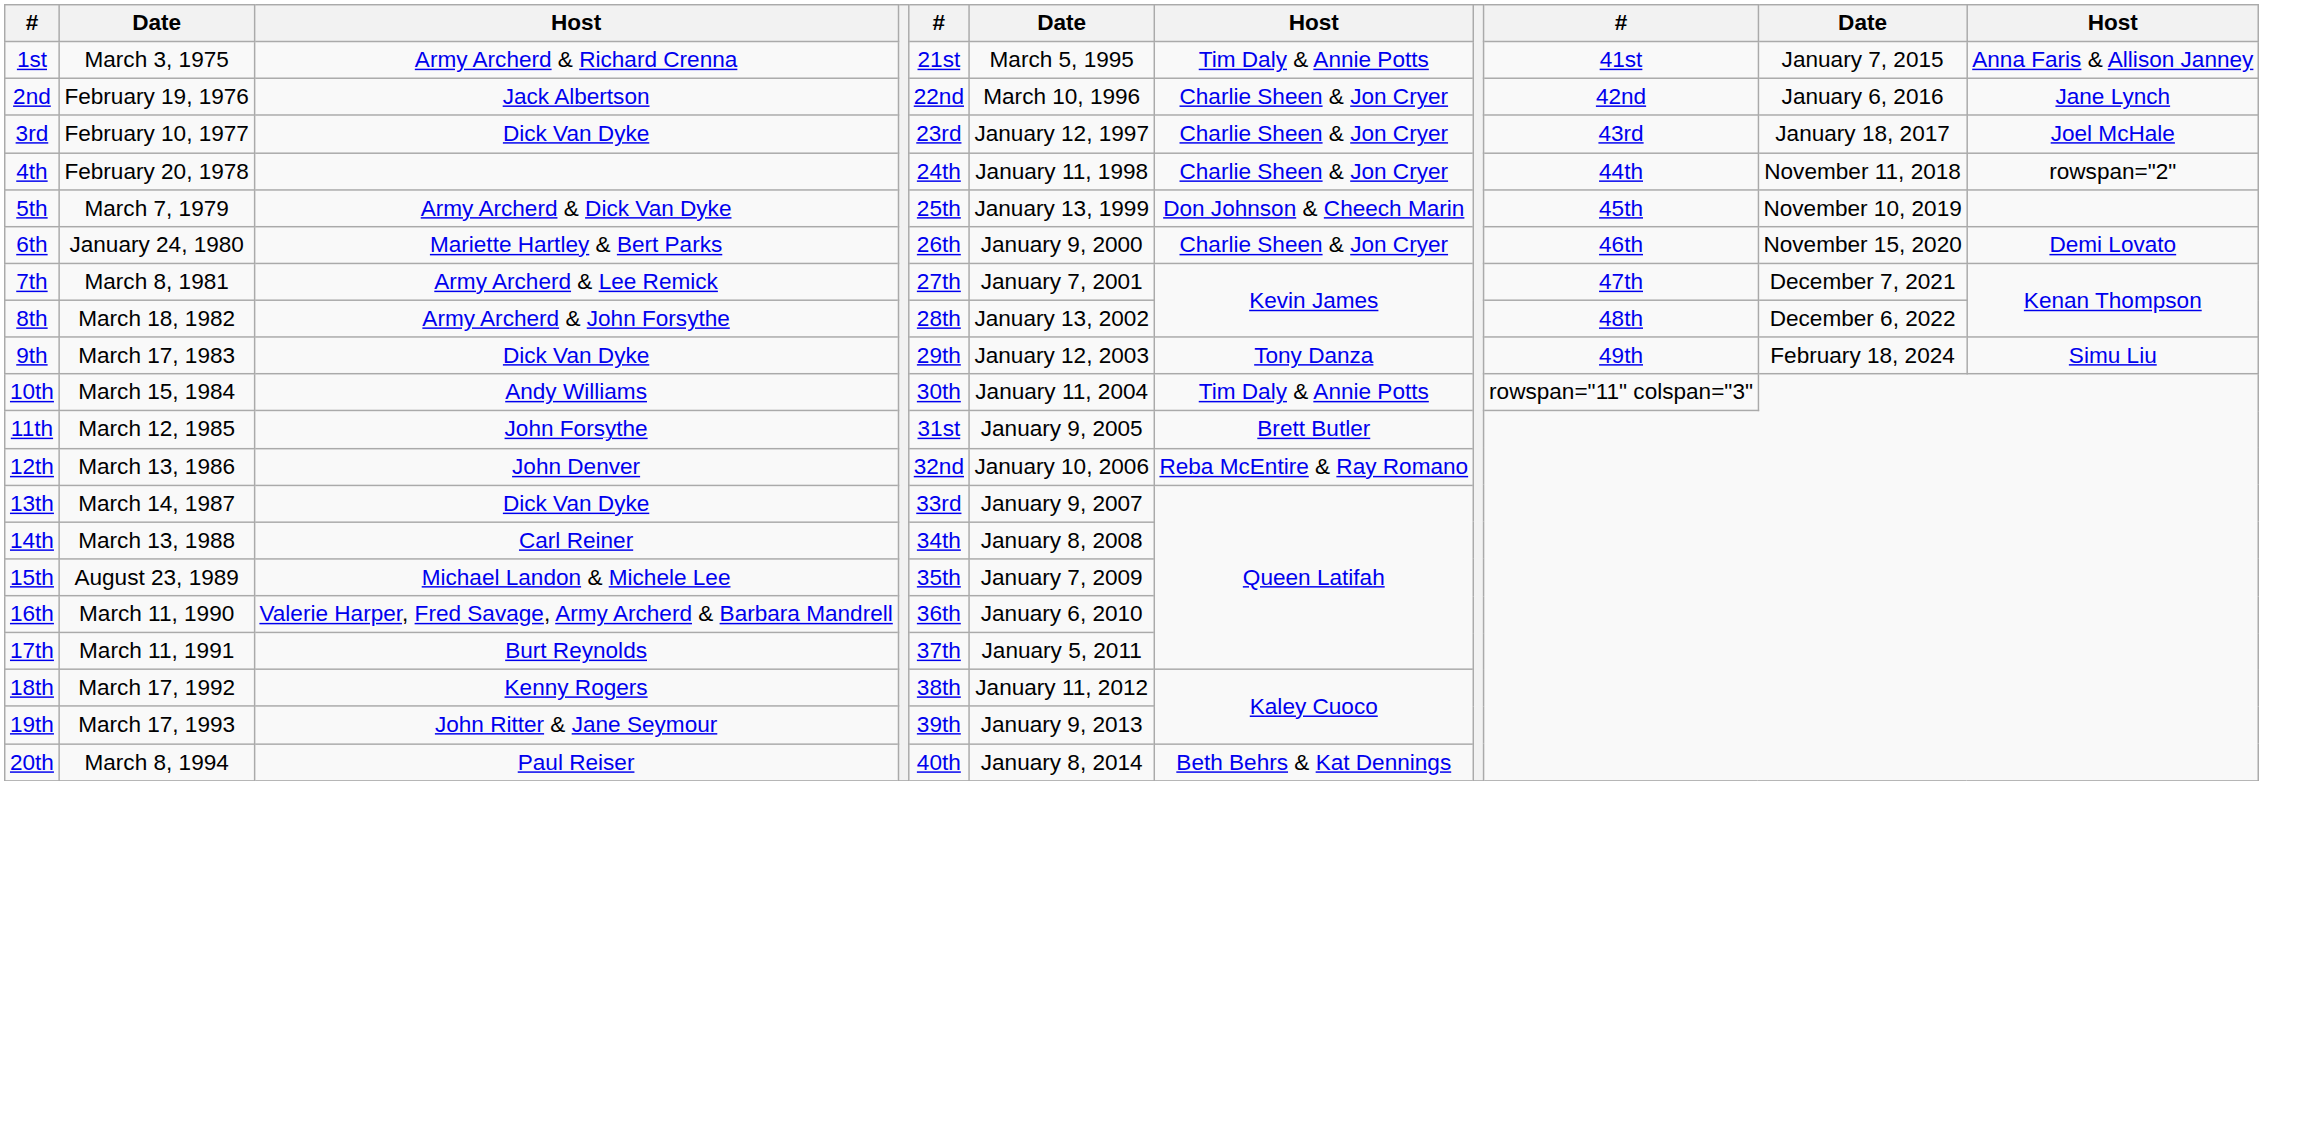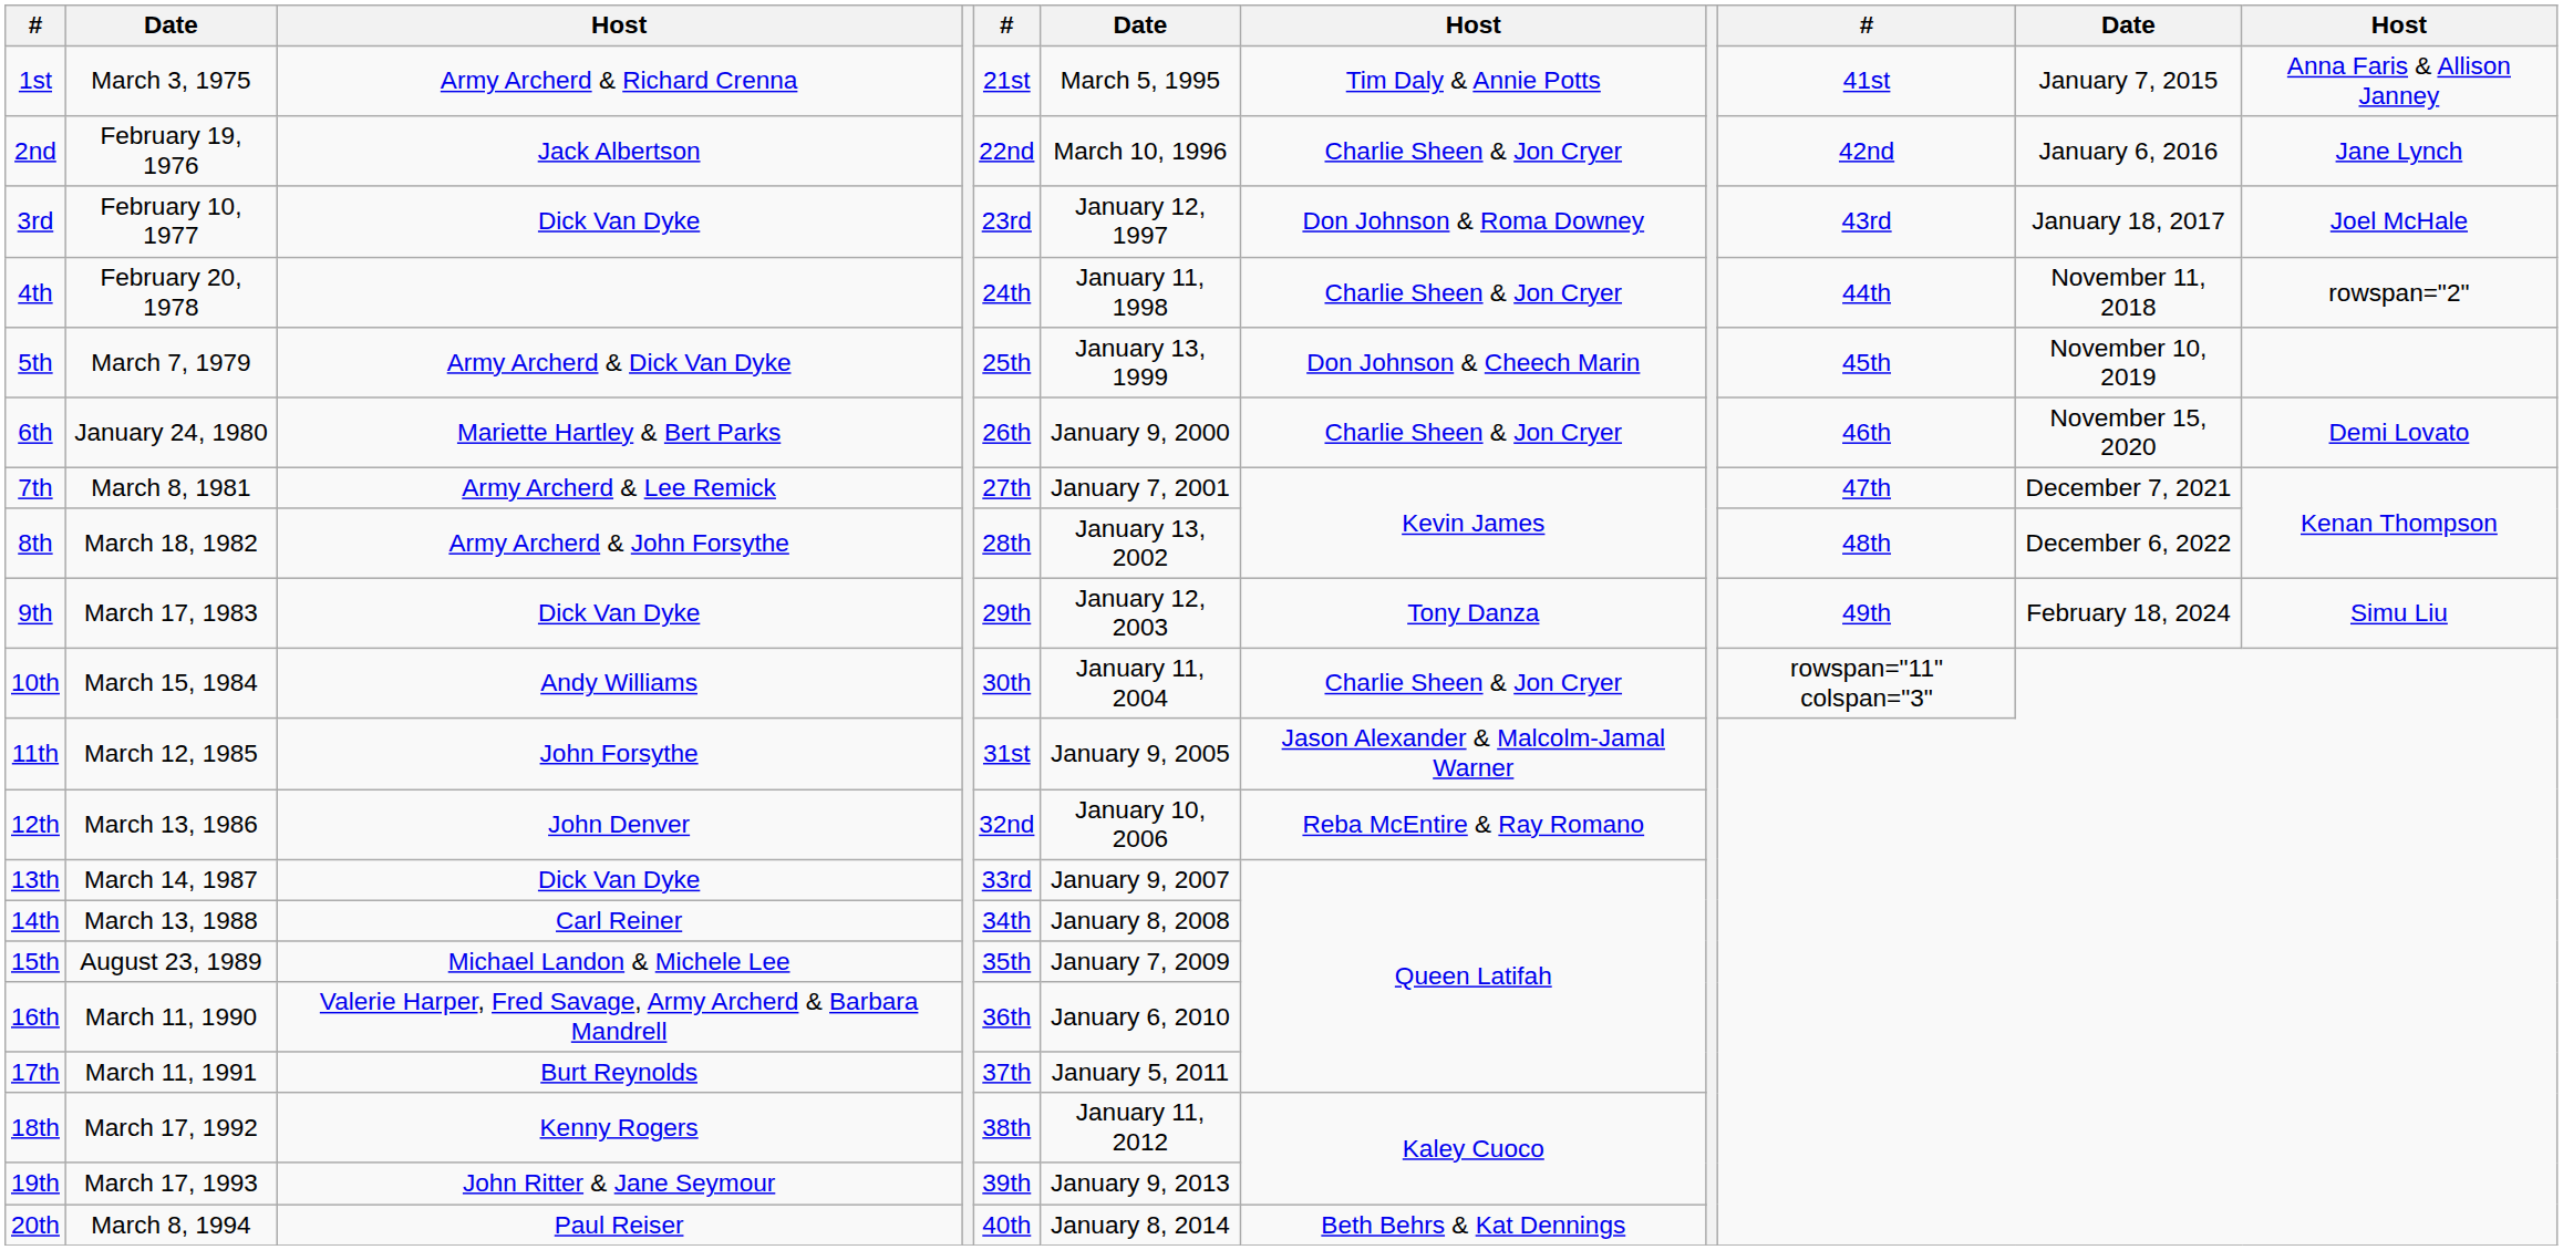 <table class="wikitable" style="text-align:center;font-size:96%">
 <tr>
 <th>#</th>
 <th>Date</th>
 <th>Host</th>
 <th bgcolor="darkgray" rowspan="21"></th>
 <th>#</th>
 <th>Date</th>
 <th>Host</th>
 <th bgcolor="darkgray" rowspan="21"></th>
 <th>#</th>
 <th>Date</th>
 <th>Host</th>
 </tr>
 <tr>
 <td><a href='#'>1st</a></td>
 <td>March 3, 1975</td>
 <td><a href='#'>Army Archerd</a> & <a href='#'>Richard Crenna</a></td>
 <td><a href='#'>21st</a></td>
 <td>March 5, 1995</td>
 <td><a href='#'>Tim Daly</a> & <a href='#'>Annie Potts</a></td>
 <td><a href='#'>41st</a></td>
 <td>January 7, 2015</td>
 <td><a href='#'>Anna Faris</a> & <a href='#'>Allison Janney</a></td>
 </tr>
 <tr>
 <td><a href='#'>2nd</a></td>
 <td>February 19, 1976</td>
 <td><a href='#'>Jack Albertson</a></td>
 <td><a href='#'>22nd</a></td>
 <td>March 10, 1996</td>
 <td><a href='#'>Charlie Sheen</a> & <a href='#'>Jon Cryer</a></td>
 <td><a href='#'>42nd</a></td>
 <td>January 6, 2016</td>
 <td><a href='#'>Jane Lynch</a></td>
 </tr>
 <tr>
 <td><a href='#'>3rd</a></td>
 <td>February 10, 1977</td>
 <td><a href='#'>Dick Van Dyke</a></td>
 <td><a href='#'>23rd</a></td>
 <td>January 12, 1997</td>
-<td><a href='#'>Charlie Sheen</a> & <a href='#'>Jon Cryer</a></td>
+<td><a href='#'>Don Johnson</a> & <a href='#'>Roma Downey</a></td>
 <td><a href='#'>43rd</a></td>
 <td>January 18, 2017</td>
 <td><a href='#'>Joel McHale</a></td>
 </tr>
 <tr>
 <td><a href='#'>4th</a></td>
 <td>February 20, 1978</td>
 <td></td>
 <td><a href='#'>24th</a></td>
 <td>January 11, 1998</td>
 <td><a href='#'>Charlie Sheen</a> & <a href='#'>Jon Cryer</a></td>
 <td><a href='#'>44th</a></td>
 <td>November 11, 2018</td>
 <td>rowspan="2" </td>
 </tr>
 <tr>
 <td><a href='#'>5th</a></td>
 <td>March 7, 1979</td>
 <td><a href='#'>Army Archerd</a> & <a href='#'>Dick Van Dyke</a></td>
 <td><a href='#'>25th</a></td>
 <td>January 13, 1999</td>
 <td><a href='#'>Don Johnson</a> & <a href='#'>Cheech Marin</a></td>
 <td><a href='#'>45th</a></td>
 <td>November 10, 2019</td>
 </tr>
 <tr>
 <td><a href='#'>6th</a></td>
 <td>January 24, 1980</td>
 <td><a href='#'>Mariette Hartley</a> & <a href='#'>Bert Parks</a></td>
 <td><a href='#'>26th</a></td>
 <td>January 9, 2000</td>
 <td><a href='#'>Charlie Sheen</a> & <a href='#'>Jon Cryer</a></td>
 <td><a href='#'>46th</a></td>
 <td>November 15, 2020</td>
 <td><a href='#'>Demi Lovato</a></td>
 </tr>
 <tr>
 <td><a href='#'>7th</a></td>
 <td>March 8, 1981</td>
 <td><a href='#'>Army Archerd</a> & <a href='#'>Lee Remick</a></td>
 <td><a href='#'>27th</a></td>
 <td>January 7, 2001</td>
 <td rowspan="2"><a href='#'>Kevin James</a></td>
 <td><a href='#'>47th</a></td>
 <td>December 7, 2021</td>
 <td rowspan="2"><a href='#'>Kenan Thompson</a></td>
 </tr>
 <tr>
 <td><a href='#'>8th</a></td>
 <td>March 18, 1982</td>
 <td><a href='#'>Army Archerd</a> & <a href='#'>John Forsythe</a></td>
 <td><a href='#'>28th</a></td>
 <td>January 13, 2002</td>
 <td><a href='#'>48th</a></td>
 <td>December 6, 2022</td>
 </tr>
 <tr>
 <td><a href='#'>9th</a></td>
 <td>March 17, 1983</td>
 <td><a href='#'>Dick Van Dyke</a></td>
 <td><a href='#'>29th</a></td>
 <td>January 12, 2003</td>
 <td><a href='#'>Tony Danza</a></td>
 <td><a href='#'>49th</a></td>
 <td>February 18, 2024</td>
 <td><a href='#'>Simu Liu</a></td>
 </tr>
 <tr>
 <td><a href='#'>10th</a></td>
 <td>March 15, 1984</td>
 <td><a href='#'>Andy Williams</a></td>
 <td><a href='#'>30th</a></td>
 <td>January 11, 2004</td>
-<td><a href='#'>Tim Daly</a> & <a href='#'>Annie Potts</a></td>
+<td><a href='#'>Charlie Sheen</a> & <a href='#'>Jon Cryer</a></td>
 <td>rowspan="11" colspan="3" </td>
 </tr>
 <tr>
 <td><a href='#'>11th</a></td>
 <td>March 12, 1985</td>
 <td><a href='#'>John Forsythe</a></td>
 <td><a href='#'>31st</a></td>
 <td>January 9, 2005</td>
-<td><a href='#'>Brett Butler</a></td>
+<td><a href='#'>Jason Alexander</a> & <a href='#'>Malcolm-Jamal Warner</a></td>
 </tr>
 <tr>
 <td><a href='#'>12th</a></td>
 <td>March 13, 1986</td>
 <td><a href='#'>John Denver</a></td>
 <td><a href='#'>32nd</a></td>
 <td>January 10, 2006</td>
 <td><a href='#'>Reba McEntire</a> & <a href='#'>Ray Romano</a></td>
 </tr>
 <tr>
 <td><a href='#'>13th</a></td>
 <td>March 14, 1987</td>
 <td><a href='#'>Dick Van Dyke</a></td>
 <td><a href='#'>33rd</a></td>
 <td>January 9, 2007</td>
 <td rowspan="5"><a href='#'>Queen Latifah</a></td>
 </tr>
 <tr>
 <td><a href='#'>14th</a></td>
 <td>March 13, 1988</td>
 <td><a href='#'>Carl Reiner</a></td>
 <td><a href='#'>34th</a></td>
 <td>January 8, 2008</td>
 </tr>
 <tr>
 <td><a href='#'>15th</a></td>
 <td>August 23, 1989</td>
 <td><a href='#'>Michael Landon</a> & <a href='#'>Michele Lee</a></td>
 <td><a href='#'>35th</a></td>
 <td>January 7, 2009</td>
 </tr>
 <tr>
 <td><a href='#'>16th</a></td>
 <td>March 11, 1990</td>
 <td><a href='#'>Valerie Harper</a>, <a href='#'>Fred Savage</a>, <a href='#'>Army Archerd</a> & <a href='#'>Barbara Mandrell</a></td>
 <td><a href='#'>36th</a></td>
 <td>January 6, 2010</td>
 </tr>
 <tr>
 <td><a href='#'>17th</a></td>
 <td>March 11, 1991</td>
 <td><a href='#'>Burt Reynolds</a></td>
 <td><a href='#'>37th</a></td>
 <td>January 5, 2011</td>
 </tr>
 <tr>
 <td><a href='#'>18th</a></td>
 <td>March 17, 1992</td>
 <td><a href='#'>Kenny Rogers</a></td>
 <td><a href='#'>38th</a></td>
 <td>January 11, 2012</td>
 <td rowspan="2"><a href='#'>Kaley Cuoco</a></td>
 </tr>
 <tr>
 <td><a href='#'>19th</a></td>
 <td>March 17, 1993</td>
 <td><a href='#'>John Ritter</a> & <a href='#'>Jane Seymour</a></td>
 <td><a href='#'>39th</a></td>
 <td>January 9, 2013</td>
 </tr>
 <tr>
 <td><a href='#'>20th</a></td>
 <td>March 8, 1994</td>
 <td><a href='#'>Paul Reiser</a></td>
 <td><a href='#'>40th</a></td>
 <td>January 8, 2014</td>
 <td><a href='#'>Beth Behrs</a> & <a href='#'>Kat Dennings</a></td>
 </tr>
 </table>
